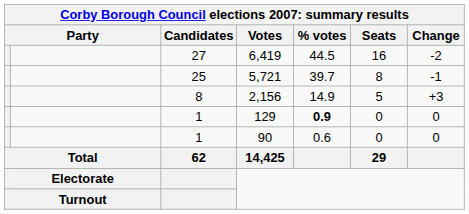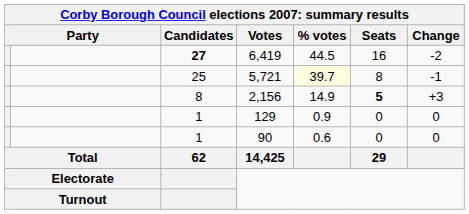 <table class="wikitable" style="font-size: 95%;">
 <tr style="background-color:#E9E9E9">
 <th colspan="7"><a href='#'>Corby Borough Council</a> elections 2007: summary results</th>
 </tr>
 <tr style="background-color:#E9E9E9">
 <th colspan="2">Party</th>
 <th style="width: 60px">Candidates</th>
 <th style="width: 60px">Votes</th>
 <th style="width: 60px">% votes</th>
 <th style="width: 60px">Seats</th>
 <th style="width: 60px">Change</th>
 </tr>
 <tr>
 <th style="background-color: "></th>
 <td style="width: 170px"><a href='#'></a></td>
-<td align="center">27</td>
+<td align="center"><strong>27</strong></td>
 <td align="center">6,419</td>
 <td align="center">44.5</td>
 <td align="center">16</td>
 <td align="center">-2</td>
 </tr>
 <tr>
 <th style="background-color: "></th>
 <td style="width: 170px"><a href='#'></a></td>
 <td align="center">25</td>
 <td align="center">5,721</td>
-<td align="center">39.7</td>
+<td align="center" style="background: lightyellow;">39.7</td>
 <td align="center">8</td>
 <td align="center">-1</td>
 </tr>
 <tr>
 <th style="background-color: "></th>
 <td style="width: 170px"><a href='#'></a></td>
 <td align="center">8</td>
 <td align="center">2,156</td>
 <td align="center">14.9</td>
-<td align="center">5</td>
+<td align="center"><strong>5</strong></td>
 <td align="center">+3</td>
 </tr>
 <tr>
 <th style="background-color: "></th>
 <td style="width: 170px"><a href='#'></a></td>
 <td align="center">1</td>
 <td align="center">129</td>
-<td align="center"><strong>0.9</strong></td>
+<td align="center">0.9</td>
 <td align="center">0</td>
 <td align="center">0</td>
 </tr>
 <tr>
 <th style="background-color: "></th>
 <td style="width: 170px"><a href='#'></a></td>
 <td align="center">1</td>
 <td align="center">90</td>
 <td align="center">0.6</td>
 <td align="center">0</td>
 <td align="center">0</td>
 </tr>
 <tr style="background-color:#E9E9E9">
 <th colspan="2">Total</th>
 <th style="width: 60px">62</th>
 <th style="width: 60px">14,425</th>
 <th style="width: 60px"></th>
 <th style="width: 60px">29</th>
 <th style="width: 60px"></th>
 </tr>
 <tr style="background-color:#E9E9E9">
 <th colspan="2">Electorate</th>
 <th style="width: 60px"></th>
 </tr>
 <tr style="background-color:#E9E9E9">
 <th colspan="2">Turnout</th>
 <th style="width: 60px"></th>
 </tr>
 </table>
